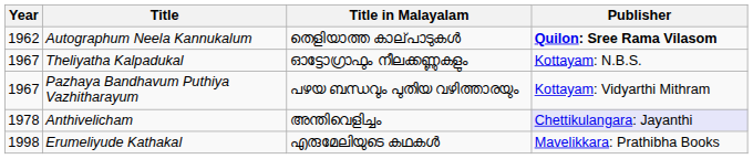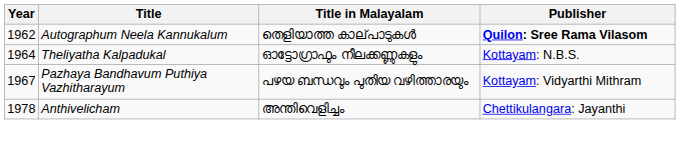 <table class="wikitable">
 <tr>
 <th>Year</th>
 <th ! style=width:17em>Title</th>
 <th ! style=width:17em>Title in Malayalam</th>
 <th ! style=width:15em>Publisher</th>
 </tr>
 <tr>
 <td>1962</td>
 <td><em>Autographum Neela Kannukalum</em></td>
 <td>തെളിയാത്ത കാല്‌പാടുകൾ</td>
 <td><strong><a href='#'>Quilon</a>: Sree Rama Vilasom</strong></td>
 </tr>
 <tr>
-<td>1967</td>
+<td>1964</td>
 <td><em>Theliyatha Kalpadukal</em></td>
 <td>ഓട്ടോഗ്രാഫും നീലക്കണ്ണുകളും</td>
 <td><a href='#'>Kottayam</a>: N.B.S.</td>
 </tr>
 <tr>
 <td>1967</td>
 <td><em>Pazhaya Bandhavum Puthiya Vazhitharayum</em></td>
 <td>പഴയ ബന്ധവും പുതിയ വഴിത്താരയും</td>
 <td><a href='#'>Kottayam</a>: Vidyarthi Mithram</td>
 </tr>
 <tr>
 <td>1978</td>
 <td><em>Anthivelicham</em></td>
 <td>അന്തിവെളിച്ചം</td>
-<td style="background: lavender;"><a href='#'>Chettikulangara</a>: Jayanthi</td>
-</tr>
-<tr>
-<td>1998</td>
-<td><em>Erumeliyude Kathakal</em></td>
-<td>എരുമേലിയുടെ കഥകള്‍</td>
-<td><a href='#'>Mavelikkara</a>: Prathibha Books</td>
+<td><a href='#'>Chettikulangara</a>: Jayanthi</td>
 </tr>
 </table>
